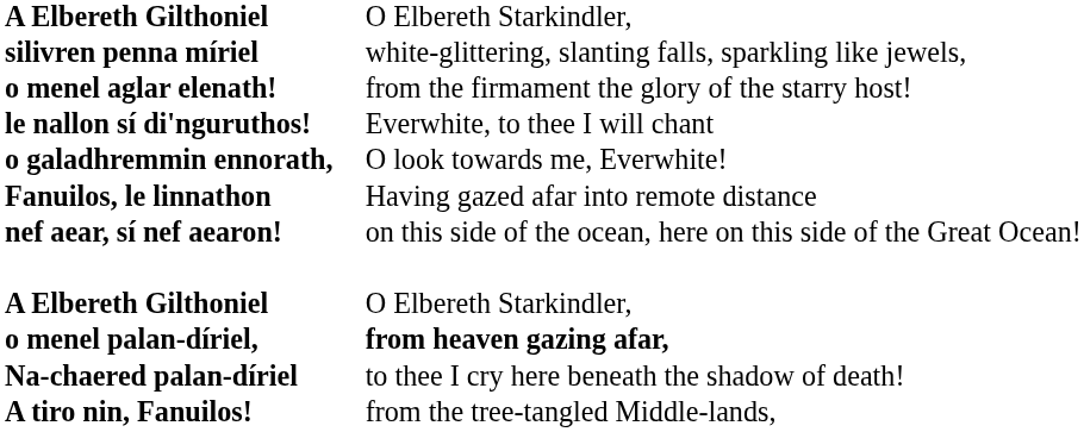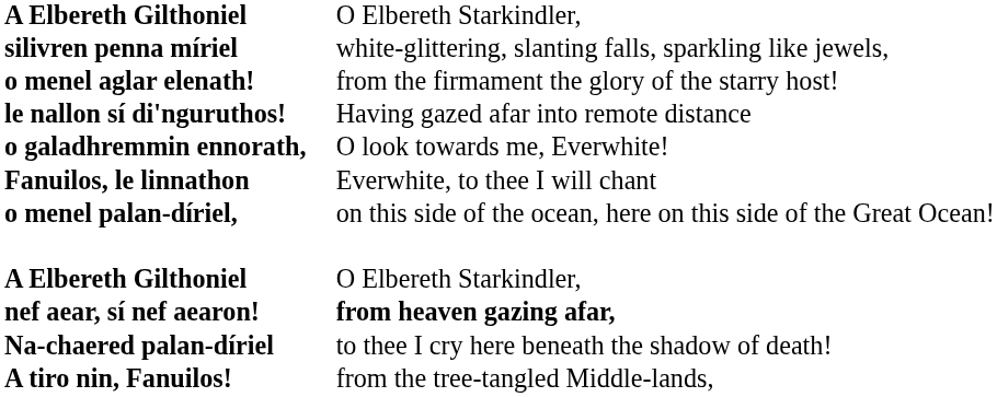 <table style="margin:auto; width:auto; border-spacing: 1em 0">
 <tr>
 <td><strong>A Elbereth Gilthoniel</strong></td>
 <td>O Elbereth Starkindler,</td>
 </tr>
 <tr>
 <td><strong>silivren penna míriel</strong></td>
 <td>white-glittering, slanting falls, sparkling like jewels,</td>
 </tr>
 <tr>
 <td><strong>o menel aglar elenath!</strong></td>
 <td>from the firmament the glory of the starry host!</td>
 </tr>
 <tr>
 <td><strong>le nallon sí di'nguruthos!</strong></td>
-<td>Everwhite, to thee I will chant</td>
+<td>Having gazed afar into remote distance</td>
 </tr>
 <tr>
 <td><strong>o galadhremmin ennorath,</strong></td>
 <td>O look towards me, Everwhite!</td>
 </tr>
 <tr>
 <td><strong>Fanuilos, le linnathon</strong></td>
-<td>Having gazed afar into remote distance</td>
+<td>Everwhite, to thee I will chant</td>
 </tr>
 <tr>
-<td><strong>nef aear, sí nef aearon!</strong></td>
+<td><strong>o menel palan-díriel,</strong></td>
 <td>on this side of the ocean, here on this side of the Great Ocean!</td>
 </tr>
 <tr>
 <td> </td>
 </tr>
 <tr>
 <td><strong>A Elbereth Gilthoniel</strong></td>
 <td>O Elbereth Starkindler,</td>
 </tr>
 <tr>
-<td><strong>o menel palan-díriel,</strong></td>
+<td><strong>nef aear, sí nef aearon!</strong></td>
 <td><strong>from heaven gazing afar,</strong></td>
 </tr>
 <tr>
 <td><strong>Na-chaered palan-díriel</strong></td>
 <td>to thee I cry here beneath the shadow of death!</td>
 </tr>
 <tr>
 <td><strong>A tiro nin, Fanuilos!</strong></td>
 <td>from the tree-tangled Middle-lands,</td>
 </tr>
 </table>
